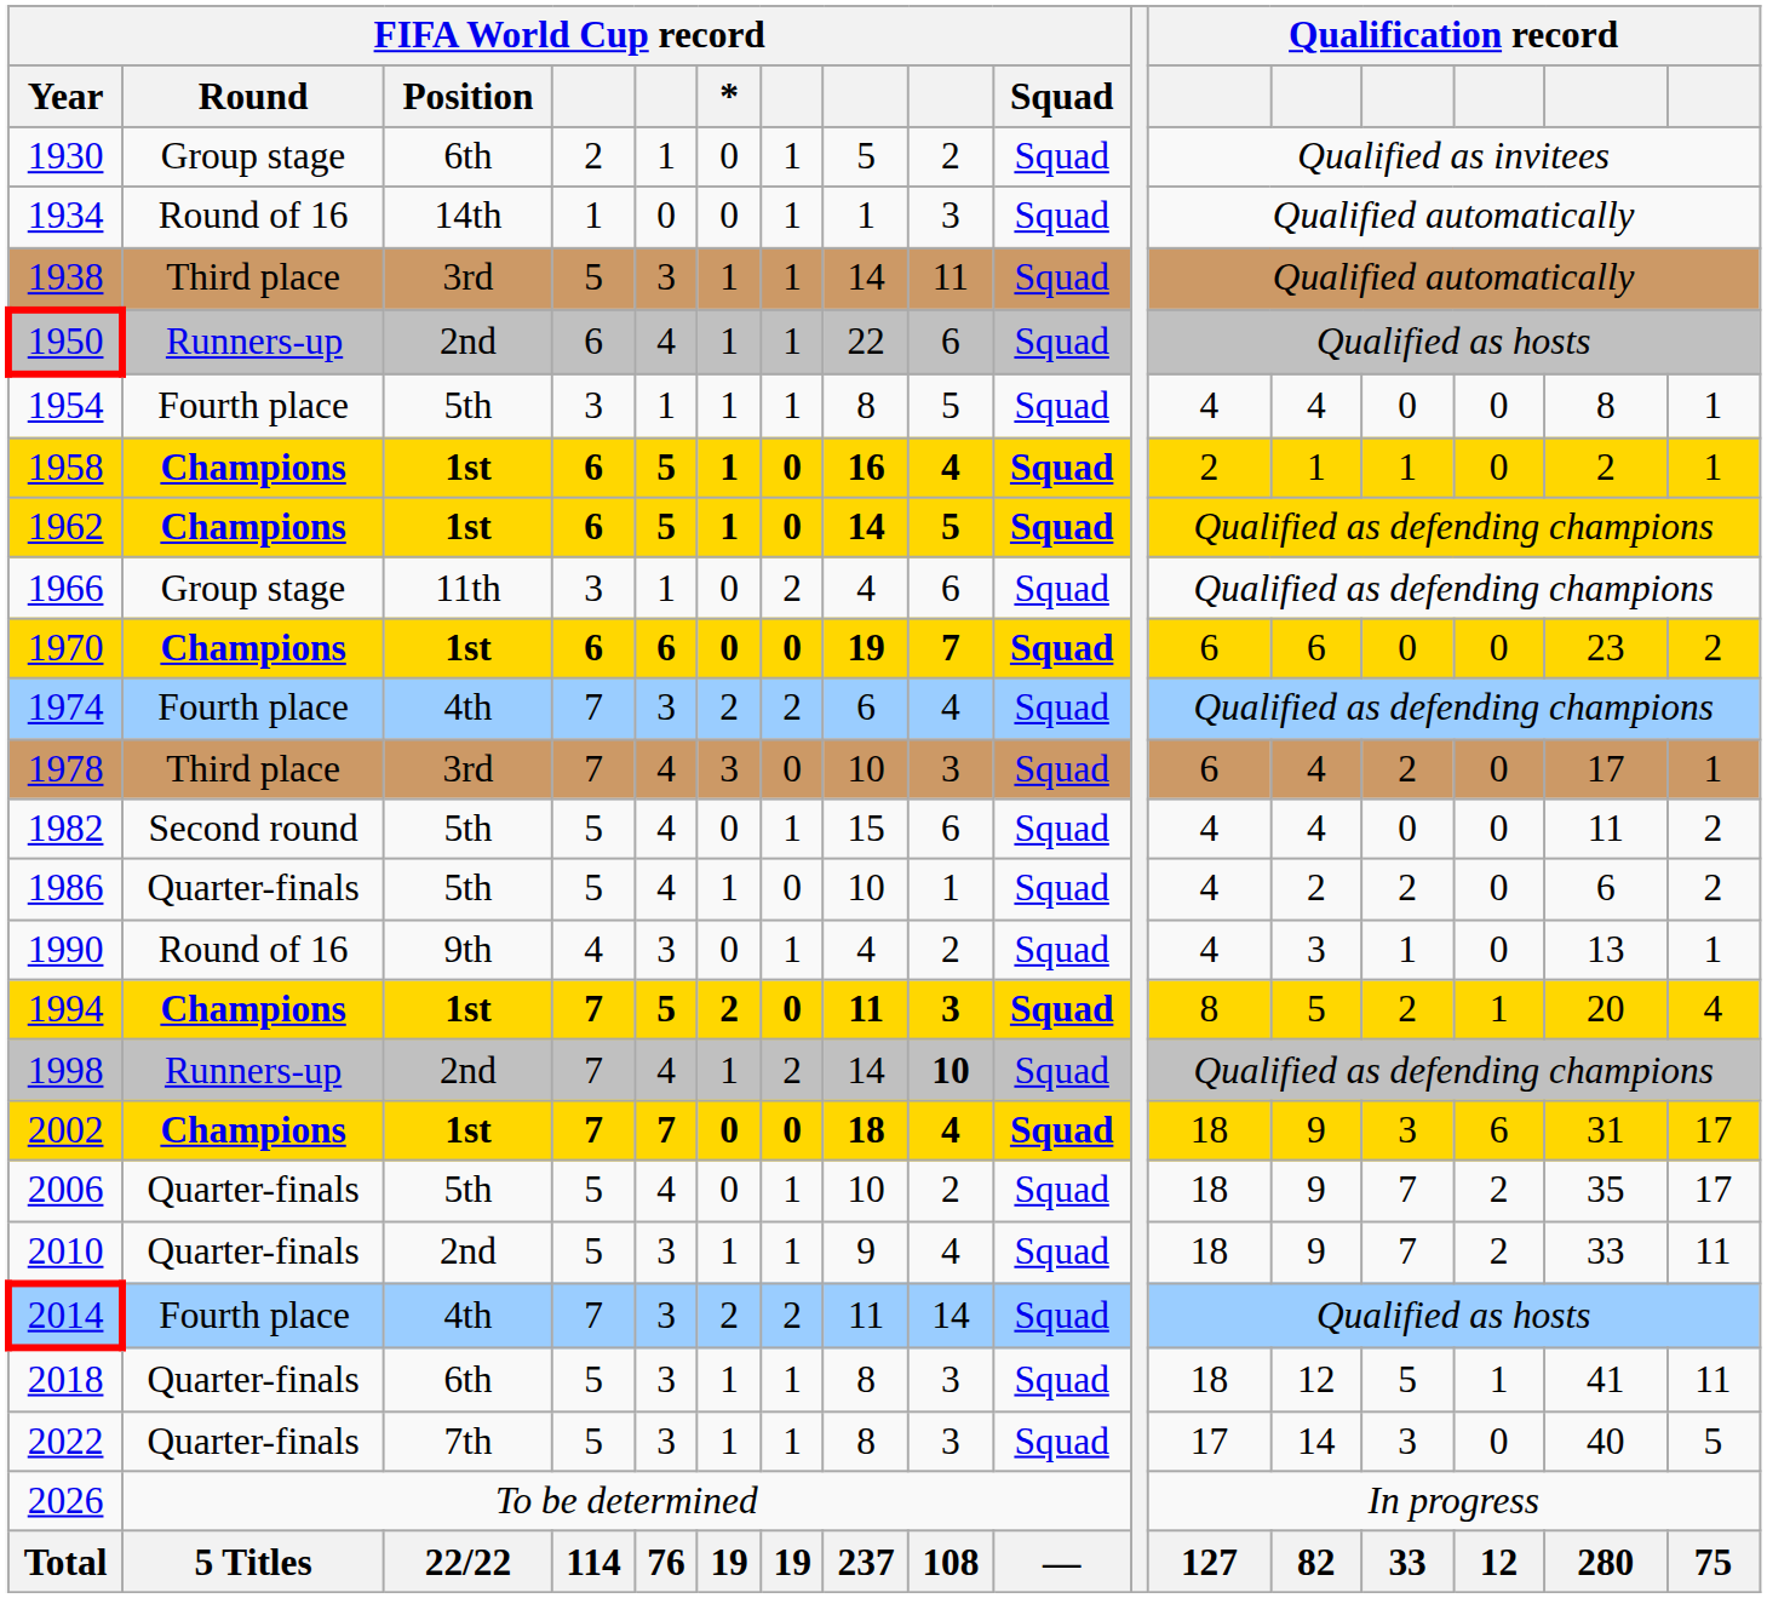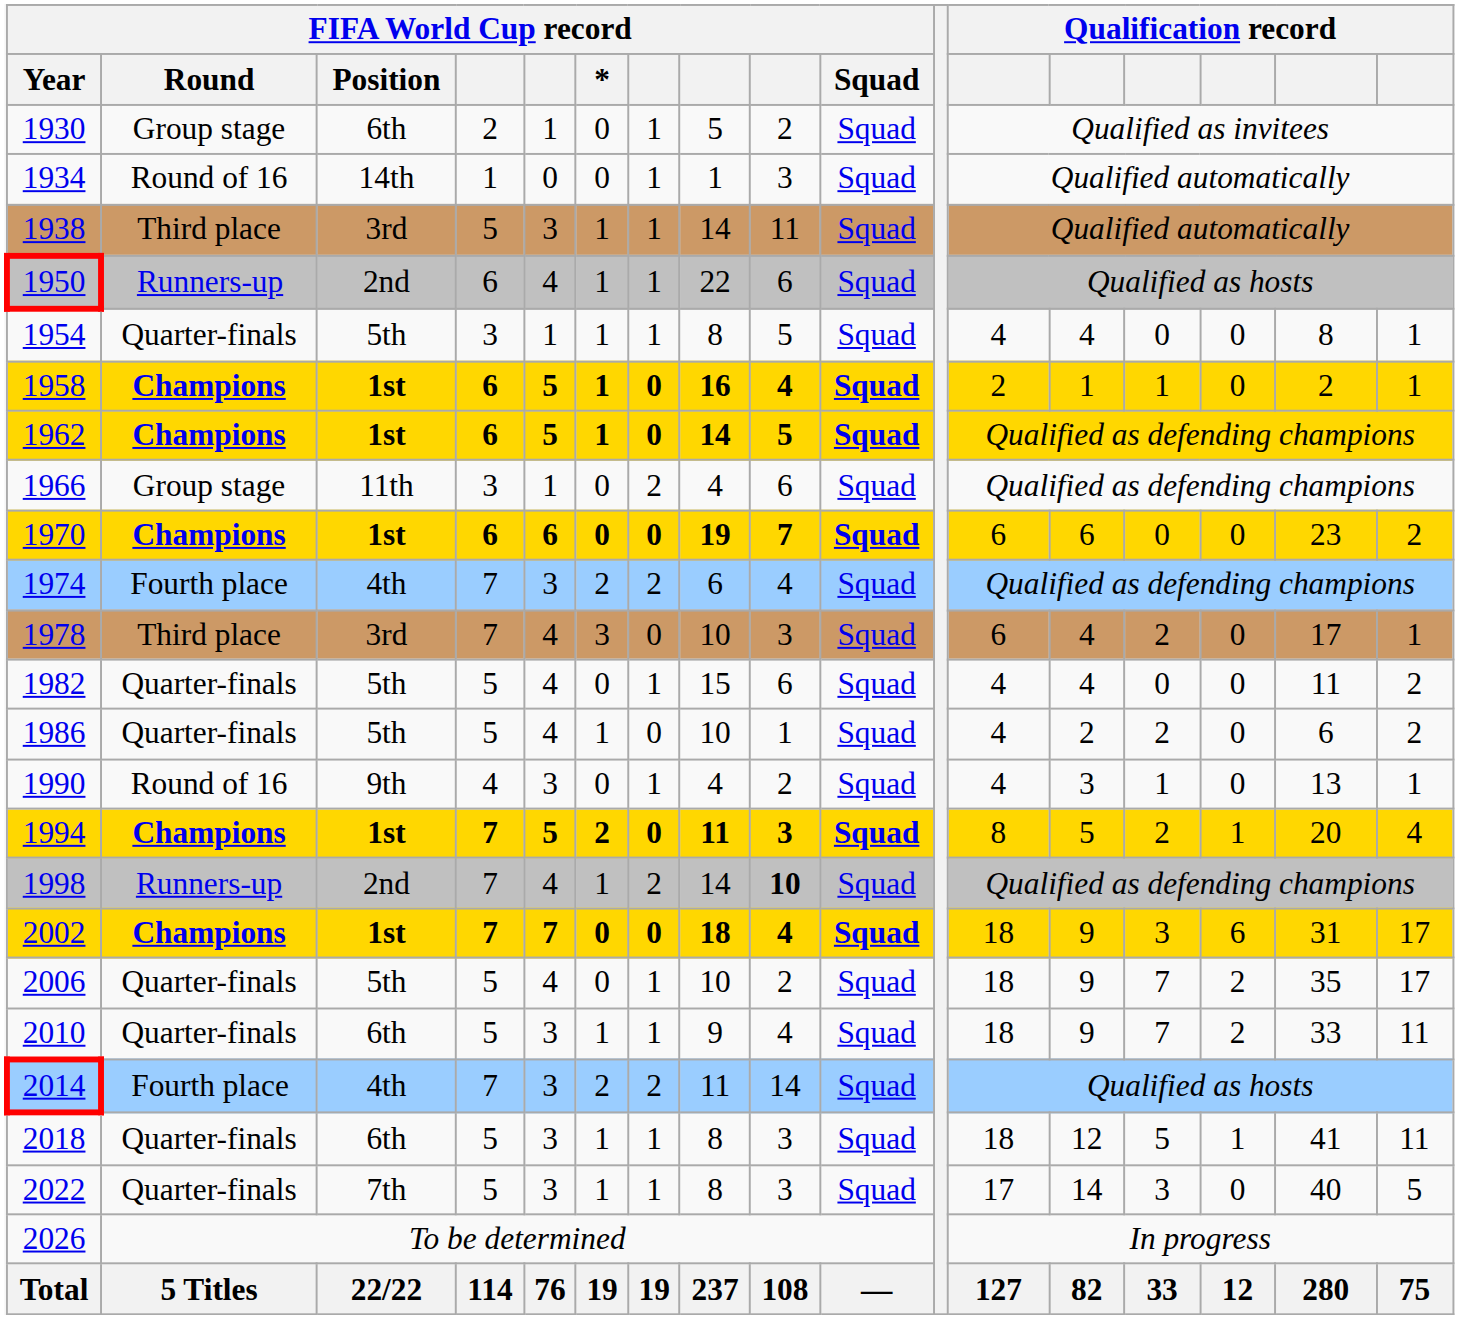 <table class="wikitable" style="text-align: center;">
 <tr>
 <th colspan=10><a href='#'>FIFA World Cup</a> record</th>
 <th style="width:1%;" rowspan="26"></th>
 <th colspan=7><a href='#'>Qualification</a> record</th>
 </tr>
 <tr>
 <th>Year</th>
 <th>Round</th>
 <th>Position</th>
 <th></th>
 <th></th>
 <th>*</th>
 <th></th>
 <th></th>
 <th></th>
 <th>Squad</th>
 <th></th>
 <th></th>
 <th></th>
 <th></th>
 <th></th>
 <th></th>
 </tr>
 <tr>
 <td> <a href='#'>1930</a></td>
 <td>Group stage</td>
 <td>6th</td>
 <td>2</td>
 <td>1</td>
 <td>0</td>
 <td>1</td>
 <td>5</td>
 <td>2</td>
 <td><a href='#'>Squad</a></td>
 <td colspan=7><em>Qualified as invitees</em></td>
 </tr>
 <tr>
 <td> <a href='#'>1934</a></td>
 <td>Round of 16</td>
 <td>14th</td>
 <td>1</td>
 <td>0</td>
 <td>0</td>
 <td>1</td>
 <td>1</td>
 <td>3</td>
 <td><a href='#'>Squad</a></td>
 <td colspan=7><em>Qualified automatically</em></td>
 </tr>
 <tr style="background:#c96">
 <td> <a href='#'>1938</a></td>
 <td>Third place</td>
 <td>3rd</td>
 <td>5</td>
 <td>3</td>
 <td>1</td>
 <td>1</td>
 <td>14</td>
 <td>11</td>
 <td><a href='#'>Squad</a></td>
 <td colspan=7><em>Qualified automatically</em></td>
 </tr>
 <tr style="background:Silver;">
 <td style="border: 3px solid red"> <a href='#'>1950</a></td>
 <td><a href='#'>Runners-up</a></td>
 <td>2nd</td>
 <td>6</td>
 <td>4</td>
 <td>1</td>
 <td>1</td>
 <td>22</td>
 <td>6</td>
 <td><a href='#'>Squad</a></td>
 <td colspan=7><em>Qualified as hosts</em></td>
 </tr>
 <tr>
 <td> <a href='#'>1954</a></td>
-<td>Fourth place</td>
+<td>Quarter-finals</td>
 <td>5th</td>
 <td>3</td>
 <td>1</td>
 <td>1</td>
 <td>1</td>
 <td>8</td>
 <td>5</td>
 <td><a href='#'>Squad</a></td>
 <td>4</td>
 <td>4</td>
 <td>0</td>
 <td>0</td>
 <td>8</td>
 <td>1</td>
 </tr>
 <tr style="background:Gold;">
 <td> <a href='#'>1958</a></td>
 <td><strong><a href='#'>Champions</a></strong></td>
 <td><strong>1st</strong></td>
 <td><strong>6</strong></td>
 <td><strong>5</strong></td>
 <td><strong>1</strong></td>
 <td><strong>0</strong></td>
 <td><strong>16</strong></td>
 <td><strong>4</strong></td>
 <td><strong><a href='#'>Squad</a></strong></td>
 <td>2</td>
 <td>1</td>
 <td>1</td>
 <td>0</td>
 <td>2</td>
 <td>1</td>
 </tr>
 <tr style="background:Gold;">
 <td> <a href='#'>1962</a></td>
 <td><strong><a href='#'>Champions</a></strong></td>
 <td><strong>1st</strong></td>
 <td><strong>6</strong></td>
 <td><strong>5</strong></td>
 <td><strong>1</strong></td>
 <td><strong>0</strong></td>
 <td><strong>14</strong></td>
 <td><strong>5</strong></td>
 <td><strong><a href='#'>Squad</a></strong></td>
 <td colspan=7><em>Qualified as defending champions</em></td>
 </tr>
 <tr>
 <td> <a href='#'>1966</a></td>
 <td>Group stage</td>
 <td>11th</td>
 <td>3</td>
 <td>1</td>
 <td>0</td>
 <td>2</td>
 <td>4</td>
 <td>6</td>
 <td><a href='#'>Squad</a></td>
 <td colspan=7><em>Qualified as defending champions</em></td>
 </tr>
 <tr style="background:Gold;">
 <td> <a href='#'>1970</a></td>
 <td><strong><a href='#'>Champions</a></strong></td>
 <td><strong>1st</strong></td>
 <td><strong>6</strong></td>
 <td><strong>6</strong></td>
 <td><strong>0</strong></td>
 <td><strong>0</strong></td>
 <td><strong>19</strong></td>
 <td><strong>7</strong></td>
 <td><strong><a href='#'>Squad</a></strong></td>
 <td>6</td>
 <td>6</td>
 <td>0</td>
 <td>0</td>
 <td>23</td>
 <td>2</td>
 </tr>
 <tr style="background:#9acdff">
 <td> <a href='#'>1974</a></td>
 <td>Fourth place</td>
 <td>4th</td>
 <td>7</td>
 <td>3</td>
 <td>2</td>
 <td>2</td>
 <td>6</td>
 <td>4</td>
 <td><a href='#'>Squad</a></td>
 <td colspan=7><em>Qualified as defending champions</em></td>
 </tr>
 <tr style="background:#c96">
 <td> <a href='#'>1978</a></td>
 <td>Third place</td>
 <td>3rd</td>
 <td>7</td>
 <td>4</td>
 <td>3</td>
 <td>0</td>
 <td>10</td>
 <td>3</td>
 <td><a href='#'>Squad</a></td>
 <td>6</td>
 <td>4</td>
 <td>2</td>
 <td>0</td>
 <td>17</td>
 <td>1</td>
 </tr>
 <tr>
 <td> <a href='#'>1982</a></td>
-<td>Second round</td>
+<td>Quarter-finals</td>
 <td>5th</td>
 <td>5</td>
 <td>4</td>
 <td>0</td>
 <td>1</td>
 <td>15</td>
 <td>6</td>
 <td><a href='#'>Squad</a></td>
 <td>4</td>
 <td>4</td>
 <td>0</td>
 <td>0</td>
 <td>11</td>
 <td>2</td>
 </tr>
 <tr>
 <td> <a href='#'>1986</a></td>
 <td>Quarter-finals</td>
 <td>5th</td>
 <td>5</td>
 <td>4</td>
 <td>1</td>
 <td>0</td>
 <td>10</td>
 <td>1</td>
 <td><a href='#'>Squad</a></td>
 <td>4</td>
 <td>2</td>
 <td>2</td>
 <td>0</td>
 <td>6</td>
 <td>2</td>
 </tr>
 <tr>
 <td> <a href='#'>1990</a></td>
 <td>Round of 16</td>
 <td>9th</td>
 <td>4</td>
 <td>3</td>
 <td>0</td>
 <td>1</td>
 <td>4</td>
 <td>2</td>
 <td><a href='#'>Squad</a></td>
 <td>4</td>
 <td>3</td>
 <td>1</td>
 <td>0</td>
 <td>13</td>
 <td>1</td>
 </tr>
 <tr style="background:Gold;">
 <td> <a href='#'>1994</a></td>
 <td><strong><a href='#'>Champions</a></strong></td>
 <td><strong>1st</strong></td>
 <td><strong>7</strong></td>
 <td><strong>5</strong></td>
 <td><strong>2</strong></td>
 <td><strong>0</strong></td>
 <td><strong>11</strong></td>
 <td><strong>3</strong></td>
 <td><strong><a href='#'>Squad</a></strong></td>
 <td>8</td>
 <td>5</td>
 <td>2</td>
 <td>1</td>
 <td>20</td>
 <td>4</td>
 </tr>
 <tr style="background:silver">
 <td> <a href='#'>1998</a></td>
 <td><a href='#'>Runners-up</a></td>
 <td>2nd</td>
 <td>7</td>
 <td>4</td>
 <td>1</td>
 <td>2</td>
 <td>14</td>
 <td><strong>10</strong></td>
 <td><a href='#'>Squad</a></td>
 <td colspan=7><em>Qualified as defending champions</em></td>
 </tr>
 <tr style="background:Gold;">
 <td>  <a href='#'>2002</a></td>
 <td><strong><a href='#'>Champions</a></strong></td>
 <td><strong>1st</strong></td>
 <td><strong>7</strong></td>
 <td><strong>7</strong></td>
 <td><strong>0</strong></td>
 <td><strong>0</strong></td>
 <td><strong>18</strong></td>
 <td><strong>4</strong></td>
 <td><strong><a href='#'>Squad</a></strong></td>
 <td>18</td>
 <td>9</td>
 <td>3</td>
 <td>6</td>
 <td>31</td>
 <td>17</td>
 </tr>
 <tr>
 <td> <a href='#'>2006</a></td>
 <td>Quarter-finals</td>
 <td>5th</td>
 <td>5</td>
 <td>4</td>
 <td>0</td>
 <td>1</td>
 <td>10</td>
 <td>2</td>
 <td><a href='#'>Squad</a></td>
 <td>18</td>
 <td>9</td>
 <td>7</td>
 <td>2</td>
 <td>35</td>
 <td>17</td>
 </tr>
 <tr>
 <td> <a href='#'>2010</a></td>
 <td>Quarter-finals</td>
-<td>2nd</td>
+<td>6th</td>
 <td>5</td>
 <td>3</td>
 <td>1</td>
 <td>1</td>
 <td>9</td>
 <td>4</td>
 <td><a href='#'>Squad</a></td>
 <td>18</td>
 <td>9</td>
 <td>7</td>
 <td>2</td>
 <td>33</td>
 <td>11</td>
 </tr>
 <tr style="background:#9acdff">
 <td style="border: 3px solid red"> <a href='#'>2014</a></td>
 <td>Fourth place</td>
 <td>4th</td>
 <td>7</td>
 <td>3</td>
 <td>2</td>
 <td>2</td>
 <td>11</td>
 <td>14</td>
 <td><a href='#'>Squad</a></td>
 <td colspan=7><em>Qualified as hosts</em></td>
 </tr>
 <tr>
 <td> <a href='#'>2018</a></td>
 <td>Quarter-finals</td>
 <td>6th</td>
 <td>5</td>
 <td>3</td>
 <td>1</td>
 <td>1</td>
 <td>8</td>
 <td>3</td>
 <td><a href='#'>Squad</a></td>
 <td>18</td>
 <td>12</td>
 <td>5</td>
 <td>1</td>
 <td>41</td>
 <td>11</td>
 </tr>
 <tr>
 <td> <a href='#'>2022</a></td>
 <td>Quarter-finals</td>
 <td>7th</td>
 <td>5</td>
 <td>3</td>
 <td>1</td>
 <td>1</td>
 <td>8</td>
 <td>3</td>
 <td><a href='#'>Squad</a></td>
 <td>17</td>
 <td>14</td>
 <td>3</td>
 <td>0</td>
 <td>40</td>
 <td>5</td>
 </tr>
 <tr>
 <td>   <a href='#'>2026</a></td>
 <td colspan=9><em>To be determined</em></td>
 <td colspan=6><em>In progress</em></td>
 </tr>
 <tr>
 <th>Total</th>
 <th>5 Titles</th>
 <th>22/22</th>
 <th>114</th>
 <th>76</th>
 <th>19</th>
 <th>19</th>
 <th>237</th>
 <th>108</th>
 <th>—</th>
 <th>127</th>
 <th>82</th>
 <th>33</th>
 <th>12</th>
 <th>280</th>
 <th>75</th>
 </tr>
 </table>
